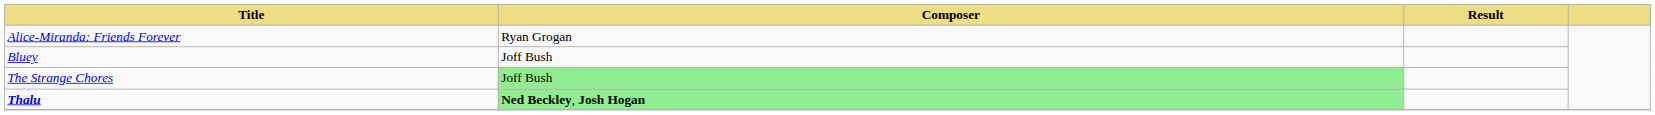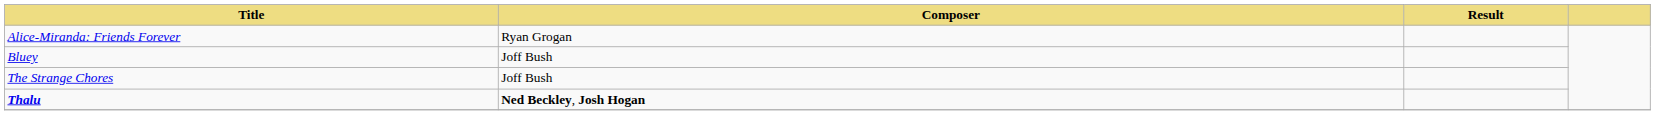 <table class="wikitable" width=100%>
 <tr>
 <th style="width:30%;background:#EEDD82;">Title</th>
 <th style="width:55%;background:#EEDD82;">Composer</th>
 <th style="width:10%;background:#EEDD82;">Result</th>
 <th style="width:5%;background:#EEDD82;"></th>
 </tr>
 <tr>
 <td><em><a href='#'>Alice-Miranda: Friends Forever</a></em></td>
 <td>Ryan Grogan</td>
 <td></td>
 <td rowspan="4"><br></td>
 </tr>
 <tr>
 <td><em><a href='#'>Bluey</a></em></td>
 <td>Joff Bush</td>
 <td></td>
 </tr>
 <tr>
 <td><em><a href='#'>The Strange Chores</a></em></td>
-<td style="background: lightgreen;">Joff Bush</td>
+<td>Joff Bush</td>
 <td></td>
 </tr>
 <tr>
 <td><strong><em><a href='#'>Thalu</a></em></strong></td>
-<td style="background: lightgreen;"><strong>Ned Beckley</strong>, <strong>Josh Hogan</strong></td>
+<td><strong>Ned Beckley</strong>, <strong>Josh Hogan</strong></td>
 <td></td>
 </tr>
 <tr>
 </tr>
 </table>
